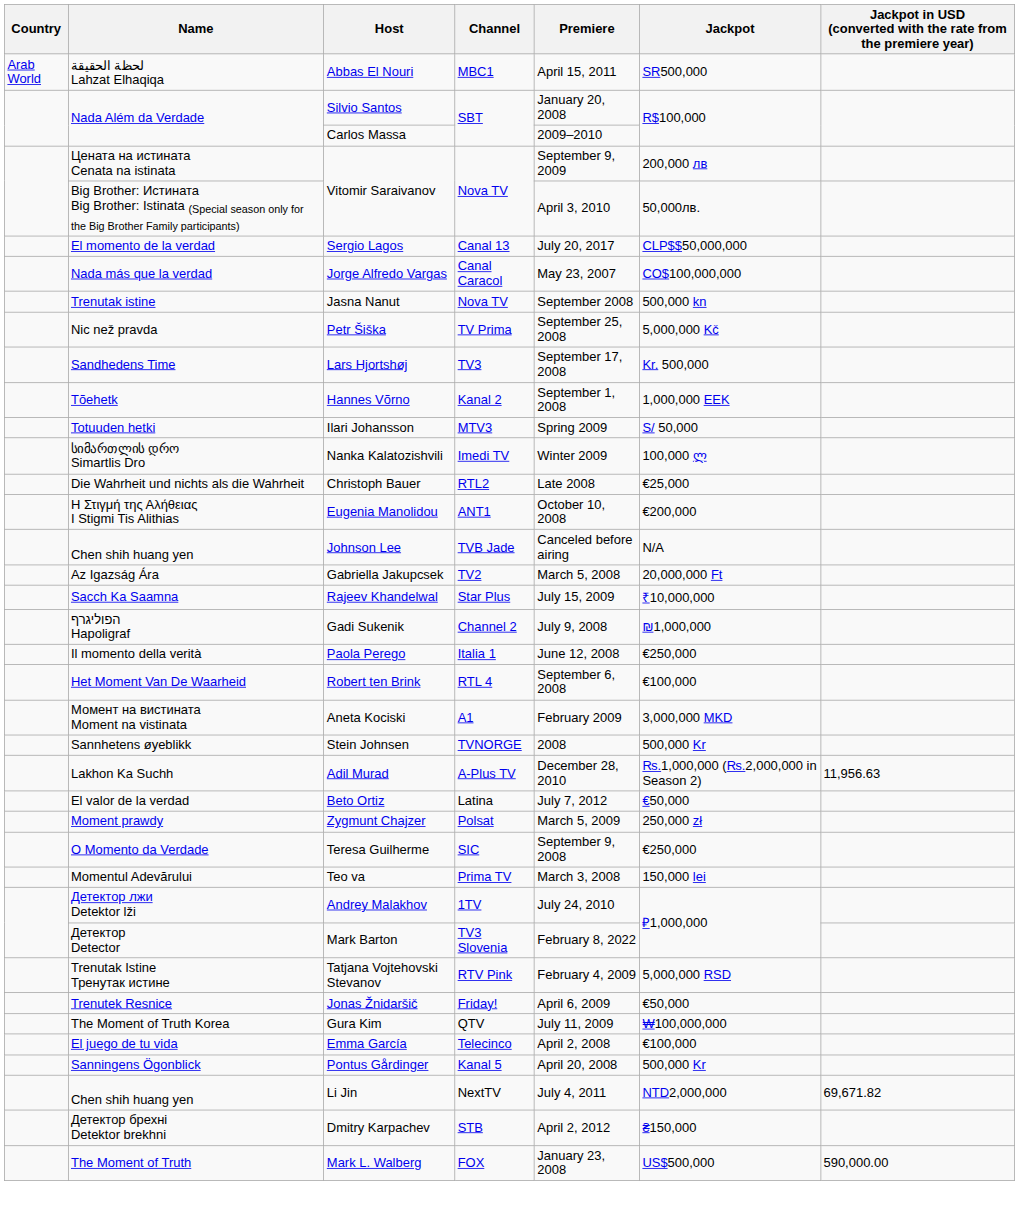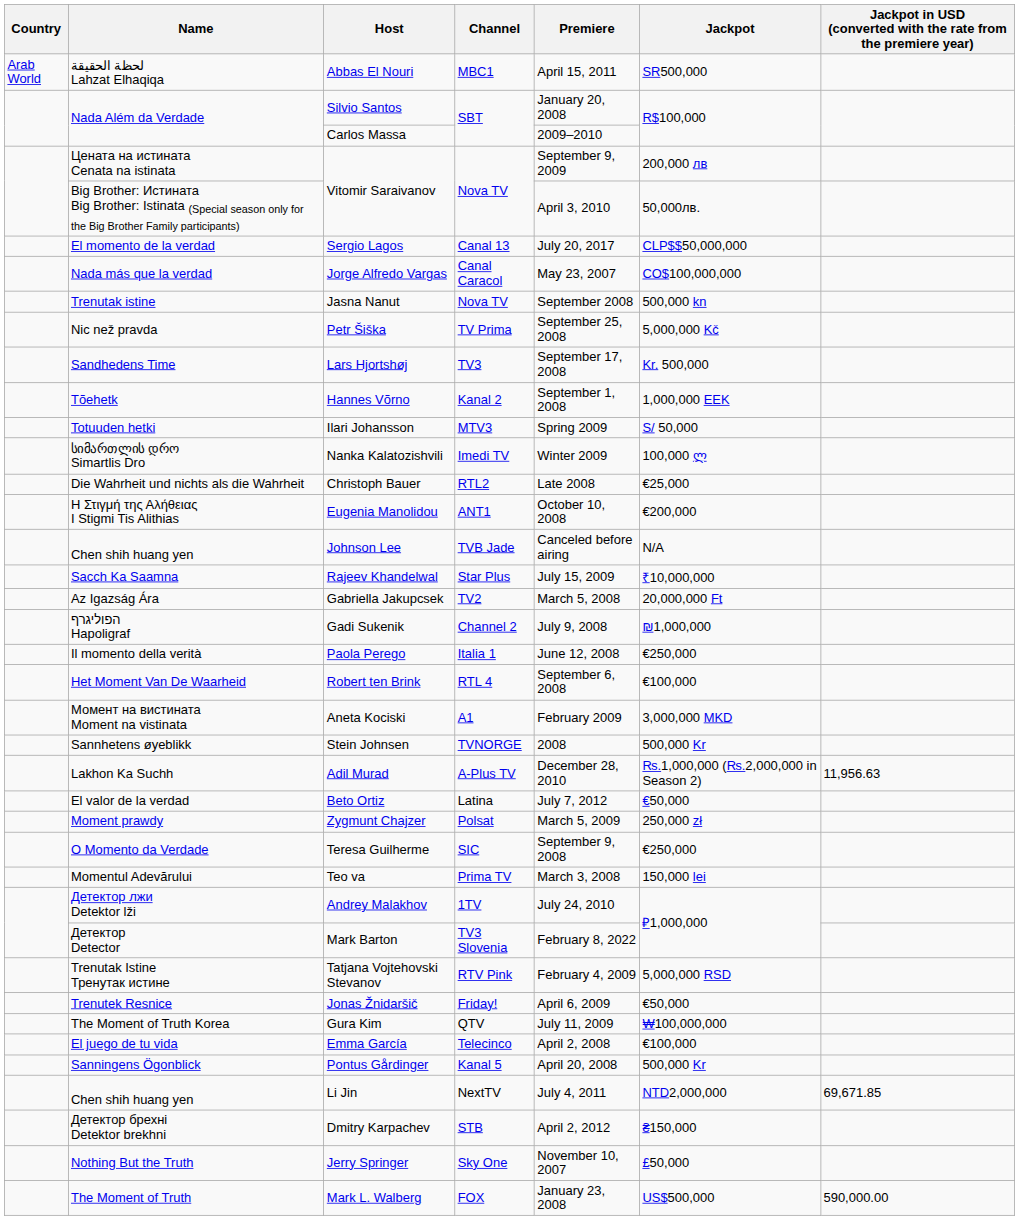 <table class="wikitable sortable">
 <tr>
 <th>Country</th>
 <th>Name</th>
 <th>Host</th>
 <th>Channel</th>
 <th>Premiere</th>
 <th>Jackpot</th>
 <th>Jackpot in USD<br>(converted with the rate from the premiere year)</th>
 </tr>
 <tr>
 <td> <a href='#'>Arab World</a></td>
 <td>لحظة الحقيقة<br>Lahzat Elhaqiqa</td>
 <td><a href='#'>Abbas El Nouri</a></td>
 <td><a href='#'>MBC1</a></td>
 <td>April 15, 2011</td>
 <td><a href='#'>SR</a>500,000</td>
 <td></td>
 </tr>
 <tr>
 <td rowspan=2></td>
 <td rowspan=2><a href='#'>Nada Além da Verdade</a></td>
 <td><a href='#'>Silvio Santos</a></td>
 <td rowspan=2><a href='#'>SBT</a></td>
 <td>January 20, 2008</td>
 <td rowspan=2><a href='#'>R$</a>100,000</td>
 <td rowspan="2"></td>
 </tr>
 <tr>
 <td>Carlos Massa</td>
 <td>2009–2010</td>
 </tr>
 <tr>
 <td rowspan="2"></td>
 <td>Цената на истината<br>Cenata na istinata</td>
 <td rowspan="2">Vitomir Saraivanov</td>
 <td rowspan="2"><a href='#'>Nova TV</a></td>
 <td>September 9, 2009</td>
 <td>200,000 <a href='#'>лв</a></td>
 <td></td>
 </tr>
 <tr>
 <td>Big Brother: Истината<br>Big Brother: Istinata <sub>(Special season only for the Big Brother Family participants)</sub></td>
 <td>April 3, 2010</td>
 <td>50,000лв.</td>
 <td></td>
 </tr>
 <tr>
 <td></td>
 <td><a href='#'>El momento de la verdad</a></td>
 <td><a href='#'>Sergio Lagos</a></td>
 <td><a href='#'>Canal 13</a></td>
 <td>July 20, 2017</td>
 <td><a href='#'>CLP$$</a>50,000,000</td>
 <td></td>
 </tr>
 <tr>
 <td></td>
 <td><a href='#'>Nada más que la verdad</a></td>
 <td><a href='#'>Jorge Alfredo Vargas</a></td>
 <td><a href='#'>Canal Caracol</a></td>
 <td>May 23, 2007</td>
 <td><a href='#'>CO$</a>100,000,000</td>
 <td></td>
 </tr>
 <tr>
 <td></td>
 <td><a href='#'>Trenutak istine</a></td>
 <td>Jasna Nanut</td>
 <td><a href='#'>Nova TV</a></td>
 <td>September 2008</td>
 <td>500,000 <a href='#'>kn</a></td>
 <td></td>
 </tr>
 <tr>
 <td></td>
 <td>Nic než pravda</td>
 <td><a href='#'>Petr Šiška</a></td>
 <td><a href='#'>TV Prima</a></td>
 <td>September 25, 2008</td>
 <td>5,000,000 <a href='#'>Kč</a></td>
 <td></td>
 </tr>
 <tr>
 <td></td>
 <td><a href='#'>Sandhedens Time</a></td>
 <td><a href='#'>Lars Hjortshøj</a></td>
 <td><a href='#'>TV3</a></td>
 <td>September 17, 2008</td>
 <td><a href='#'>Kr.</a> 500,000</td>
 <td></td>
 </tr>
 <tr>
 <td></td>
 <td><a href='#'>Tõehetk</a></td>
 <td><a href='#'>Hannes Võrno</a></td>
 <td><a href='#'>Kanal 2</a></td>
 <td>September 1, 2008</td>
 <td>1,000,000 <a href='#'>EEK</a></td>
 <td></td>
 </tr>
 <tr>
 <td></td>
 <td><a href='#'>Totuuden hetki</a></td>
 <td>Ilari Johansson</td>
 <td><a href='#'>MTV3</a></td>
 <td>Spring 2009</td>
 <td><a href='#'>S/</a> 50,000</td>
 <td></td>
 </tr>
 <tr>
 <td></td>
 <td>სიმართლის დრო<br>Simartlis Dro</td>
 <td>Nanka Kalatozishvili</td>
 <td><a href='#'>Imedi TV</a></td>
 <td>Winter 2009</td>
 <td>100,000 <a href='#'>ლ</a></td>
 <td></td>
 </tr>
 <tr>
 <td></td>
 <td>Die Wahrheit und nichts als die Wahrheit</td>
 <td>Christoph Bauer</td>
 <td><a href='#'>RTL2</a></td>
 <td>Late 2008</td>
 <td>€25,000</td>
 <td></td>
 </tr>
 <tr>
 <td></td>
 <td>Η Στιγμή της Αλήθειας<br>I Stigmi Tis Alithias</td>
 <td><a href='#'>Eugenia Manolidou</a></td>
 <td><a href='#'>ANT1</a></td>
 <td>October 10, 2008</td>
 <td>€200,000</td>
 <td></td>
 </tr>
 <tr>
 <td></td>
 <td><br>Chen shih huang yen</td>
 <td><a href='#'>Johnson Lee</a></td>
 <td><a href='#'>TVB Jade</a></td>
 <td>Canceled before airing</td>
 <td>N/A</td>
 <td></td>
 </tr>
 <tr>
 <td></td>
+<td><a href='#'>Sacch Ka Saamna</a></td>
+<td><a href='#'>Rajeev Khandelwal</a></td>
+<td><a href='#'>Star Plus</a></td>
+<td>July 15, 2009</td>
+<td><a href='#'>₹</a>10,000,000</td>
+<td></td>
+</tr>
+<tr>
+<td></td>
 <td>Az Igazság Ára</td>
 <td>Gabriella Jakupcsek</td>
 <td><a href='#'>TV2</a></td>
 <td>March 5, 2008</td>
 <td>20,000,000 <a href='#'>Ft</a></td>
-<td></td>
-</tr>
-<tr>
-<td></td>
-<td><a href='#'>Sacch Ka Saamna</a></td>
-<td><a href='#'>Rajeev Khandelwal</a></td>
-<td><a href='#'>Star Plus</a></td>
-<td>July 15, 2009</td>
-<td><a href='#'>₹</a>10,000,000</td>
 <td></td>
 </tr>
 <tr>
 <td></td>
 <td>הפוליגרף<br>Hapoligraf</td>
 <td>Gadi Sukenik</td>
 <td><a href='#'>Channel 2</a></td>
 <td>July 9, 2008</td>
 <td><a href='#'>₪</a>1,000,000</td>
 <td></td>
 </tr>
 <tr>
 <td></td>
 <td>Il momento della verità</td>
 <td><a href='#'>Paola Perego</a></td>
 <td><a href='#'>Italia 1</a></td>
 <td>June 12, 2008</td>
 <td>€250,000</td>
 <td></td>
 </tr>
 <tr>
 <td></td>
 <td><a href='#'>Het Moment Van De Waarheid</a></td>
 <td><a href='#'>Robert ten Brink</a></td>
 <td><a href='#'>RTL 4</a></td>
 <td>September 6, 2008</td>
 <td>€100,000</td>
 <td></td>
 </tr>
 <tr>
 <td></td>
 <td>Момент на вистината<br>Moment na vistinata</td>
 <td>Aneta Kociski</td>
 <td><a href='#'>А1</a></td>
 <td>February 2009</td>
 <td>3,000,000 <a href='#'>MKD</a></td>
 <td></td>
 </tr>
 <tr>
 <td></td>
 <td>Sannhetens øyeblikk</td>
 <td>Stein Johnsen</td>
 <td><a href='#'>TVNORGE</a></td>
 <td>2008</td>
 <td>500,000 <a href='#'>Kr</a></td>
 <td></td>
 </tr>
 <tr>
 <td></td>
 <td>Lakhon Ka Suchh</td>
 <td><a href='#'>Adil Murad</a></td>
 <td><a href='#'>A-Plus TV</a></td>
 <td>December 28, 2010</td>
 <td><a href='#'>₨.</a>1,000,000 (<a href='#'>₨.</a>2,000,000 in Season 2)</td>
 <td>11,956.63</td>
 </tr>
 <tr>
 <td></td>
 <td>El valor de la verdad</td>
 <td><a href='#'>Beto Ortiz</a></td>
 <td>Latina</td>
 <td>July 7, 2012</td>
 <td><a href='#'>€</a>50,000</td>
 <td></td>
 </tr>
 <tr>
 <td></td>
 <td><a href='#'>Moment prawdy</a></td>
 <td><a href='#'>Zygmunt Chajzer</a></td>
 <td><a href='#'>Polsat</a></td>
 <td>March 5, 2009</td>
 <td>250,000 <a href='#'>zł</a></td>
 <td></td>
 </tr>
 <tr>
 <td></td>
 <td><a href='#'>O Momento da Verdade</a></td>
 <td>Teresa Guilherme</td>
 <td><a href='#'>SIC</a></td>
 <td>September 9, 2008</td>
 <td>€250,000</td>
 <td></td>
 </tr>
 <tr>
 <td></td>
 <td>Momentul Adevărului</td>
 <td>Teo va</td>
 <td><a href='#'>Prima TV</a></td>
 <td>March 3, 2008</td>
 <td>150,000 <a href='#'>lei</a></td>
 <td></td>
 </tr>
 <tr>
 <td rowspan="2"></td>
 <td><a href='#'>Детектор лжи</a><br>Detektor lži</td>
 <td><a href='#'>Andrey Malakhov</a></td>
 <td><a href='#'>1TV</a></td>
 <td>July 24, 2010</td>
 <td rowspan="2"><a href='#'>₽</a>1,000,000</td>
 <td></td>
 </tr>
 <tr>
 <td>Детектор<br>Detector</td>
 <td>Mark Barton</td>
 <td><a href='#'>TV3 Slovenia</a></td>
 <td>February 8, 2022</td>
 <td></td>
 </tr>
 <tr>
 <td></td>
 <td>Trenutak Istine<br>Тренутак истине</td>
 <td>Tatjana Vojtehovski Stevanov</td>
 <td><a href='#'>RTV Pink</a></td>
 <td>February 4, 2009</td>
 <td>5,000,000 <a href='#'>RSD</a></td>
 <td></td>
 </tr>
 <tr>
 <td></td>
 <td><a href='#'>Trenutek Resnice</a></td>
 <td><a href='#'>Jonas Žnidaršič</a></td>
 <td><a href='#'>Friday!</a></td>
 <td>April 6, 2009</td>
 <td>€50,000</td>
 <td></td>
 </tr>
 <tr>
 <td></td>
 <td>The Moment of Truth Korea</td>
 <td>Gura Kim</td>
 <td>QTV</td>
 <td>July 11, 2009</td>
 <td><a href='#'>₩</a>100,000,000</td>
 <td></td>
 </tr>
 <tr>
 <td></td>
 <td><a href='#'>El juego de tu vida</a></td>
 <td><a href='#'>Emma García</a></td>
 <td><a href='#'>Telecinco</a></td>
 <td>April 2, 2008</td>
 <td>€100,000</td>
 <td></td>
 </tr>
 <tr>
 <td></td>
 <td><a href='#'>Sanningens Ögonblick</a></td>
 <td><a href='#'>Pontus Gårdinger</a></td>
 <td><a href='#'>Kanal 5</a></td>
 <td>April 20, 2008</td>
 <td>500,000 <a href='#'>Kr</a></td>
 <td></td>
 </tr>
 <tr>
 <td></td>
 <td><br>Chen shih huang yen</td>
 <td>Li Jin</td>
 <td>NextTV</td>
 <td>July 4, 2011</td>
 <td><a href='#'>NTD</a>2,000,000</td>
-<td>69,671.82</td>
+<td>69,671.85</td>
 </tr>
 <tr>
 <td></td>
 <td>Детектор брехні<br>Detektor brekhni</td>
 <td>Dmitry Karpachev</td>
 <td><a href='#'>SТB</a></td>
 <td>April 2, 2012</td>
 <td><a href='#'>₴</a>150,000</td>
 <td></td>
 </tr>
 <tr>
 <td></td>
+<td><a href='#'>Nothing But the Truth</a></td>
+<td><a href='#'>Jerry Springer</a></td>
+<td><a href='#'>Sky One</a></td>
+<td>November 10, 2007</td>
+<td><a href='#'>£</a>50,000</td>
+<td></td>
+</tr>
+<tr>
+<td></td>
 <td><a href='#'>The Moment of Truth</a></td>
 <td><a href='#'>Mark L. Walberg</a></td>
 <td><a href='#'>FOX</a></td>
 <td>January 23, 2008</td>
 <td><a href='#'>US$</a>500,000</td>
 <td>590,000.00</td>
 </tr>
 </table>
